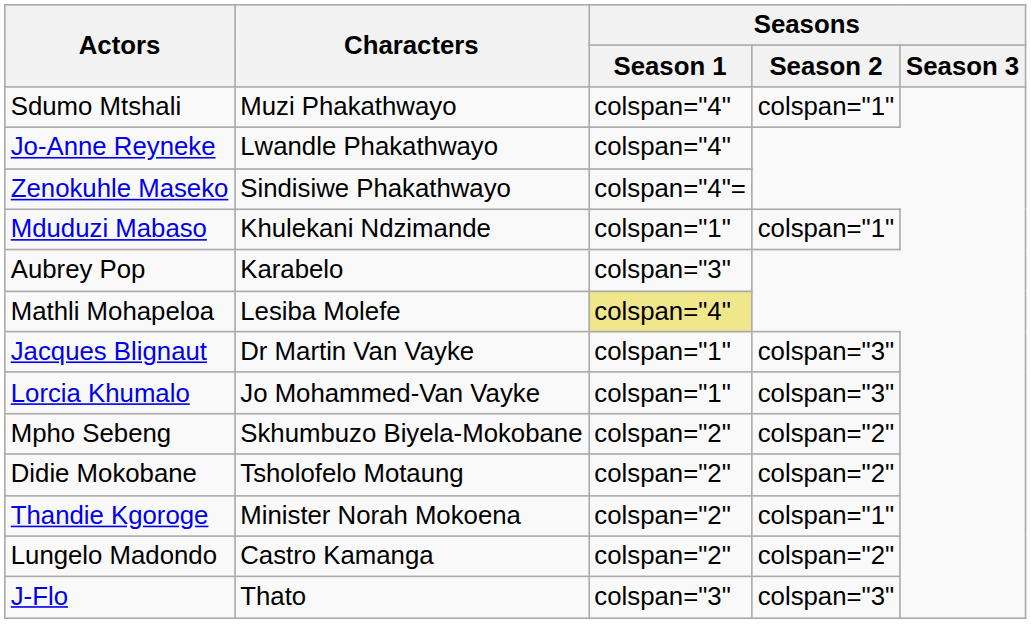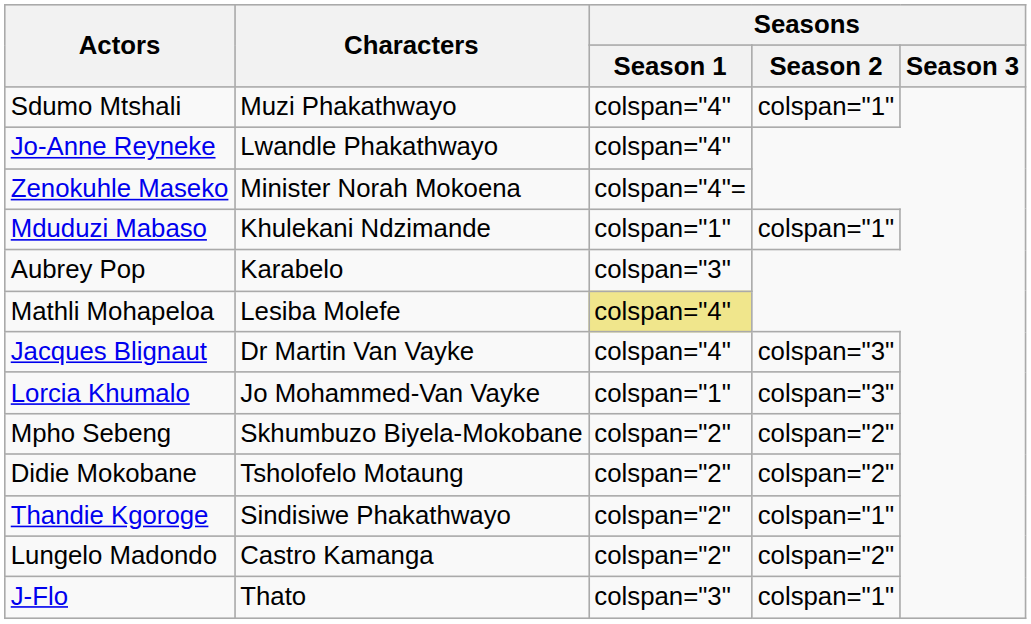 <table class="wikitable">
 <tr>
 <th rowspan="2">Actors</th>
 <th rowspan="2">Characters</th>
 <th colspan="3">Seasons</th>
 </tr>
 <tr>
 <th>Season 1</th>
 <th>Season 2</th>
 <th>Season 3</th>
 </tr>
 <tr>
 <td>Sdumo Mtshali</td>
 <td>Muzi Phakathwayo</td>
 <td>colspan="4" </td>
 <td>colspan="1" </td>
 </tr>
 <tr>
 <td><a href='#'>Jo-Anne Reyneke</a></td>
 <td>Lwandle Phakathwayo</td>
 <td>colspan="4" </td>
 </tr>
 <tr>
 <td><a href='#'>Zenokuhle Maseko</a></td>
-<td>Sindisiwe Phakathwayo</td>
+<td>Minister Norah Mokoena</td>
 <td>colspan="4"= </td>
 </tr>
 <tr>
 <td><a href='#'>Mduduzi Mabaso</a></td>
 <td>Khulekani Ndzimande</td>
 <td>colspan="1" </td>
 <td>colspan="1" </td>
 </tr>
 <tr>
 <td>Aubrey Pop</td>
 <td>Karabelo</td>
 <td>colspan="3" </td>
 </tr>
 <tr>
 <td>Mathli Mohapeloa</td>
 <td>Lesiba Molefe</td>
 <td style="background: khaki;">colspan="4" </td>
 </tr>
 <tr>
 <td><a href='#'>Jacques Blignaut</a></td>
 <td>Dr Martin Van Vayke</td>
-<td>colspan="1" </td>
+<td>colspan="4" </td>
 <td>colspan="3" </td>
 </tr>
 <tr>
 <td><a href='#'>Lorcia Khumalo</a></td>
 <td>Jo Mohammed-Van Vayke</td>
 <td>colspan="1" </td>
 <td>colspan="3" </td>
 </tr>
 <tr>
 <td>Mpho Sebeng</td>
 <td>Skhumbuzo Biyela-Mokobane</td>
 <td>colspan="2" </td>
 <td>colspan="2" </td>
 </tr>
 <tr>
 <td>Didie Mokobane</td>
 <td>Tsholofelo Motaung</td>
 <td>colspan="2" </td>
 <td>colspan="2" </td>
 </tr>
 <tr>
 <td><a href='#'>Thandie Kgoroge</a></td>
-<td>Minister Norah Mokoena</td>
+<td>Sindisiwe Phakathwayo</td>
 <td>colspan="2" </td>
 <td>colspan="1" </td>
 </tr>
 <tr>
 <td>Lungelo Madondo</td>
 <td>Castro Kamanga</td>
 <td>colspan="2"</td>
 <td>colspan="2" </td>
 </tr>
 <tr>
 <td><a href='#'>J-Flo</a></td>
 <td>Thato</td>
 <td>colspan="3" </td>
-<td>colspan="3" </td>
+<td>colspan="1" </td>
 </tr>
 </table>
